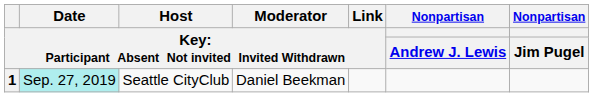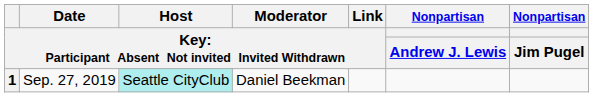 <table class="wikitable" style="text-align:center;">
 <tr>
 <th scope="col"></th>
 <th scope="col">Date</th>
 <th scope="col">Host</th>
 <th scope="col">Moderator</th>
 <th scope="col">Link</th>
 <th scope="col"><small><a href='#'>Nonpartisan</a></small></th>
 <th scope="col"><small><a href='#'>Nonpartisan</a></small></th>
 </tr>
 <tr>
 <th colspan="5" rowspan="2">Key:<br> <small>Participant </small>  <small>Absent </small>  <small>Not invited </small>  <small>Invited  Withdrawn</small></th>
 <th scope="col" style="background:"></th>
 <th scope="col" style="background:"></th>
 </tr>
 <tr>
 <th scope="col"><a href='#'>Andrew J. Lewis</a></th>
 <th scope="col">Jim Pugel</th>
 </tr>
 <tr>
 <th>1</th>
-<td style="background: paleturquoise; white-space:nowrap;">Sep. 27, 2019</td>
-<td style="white-space:nowrap;">Seattle CityClub</td>
+<td style="white-space:nowrap;">Sep. 27, 2019</td>
+<td style="background: paleturquoise; white-space:nowrap;">Seattle CityClub</td>
 <td style="white-space:nowrap;">Daniel Beekman</td>
 <td style="white-space:nowrap;"></td>
 <td></td>
 <td></td>
 </tr>
 </table>
